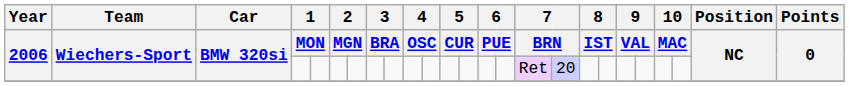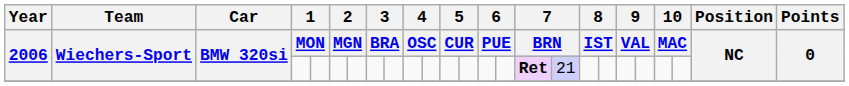 <table class="wikitable" style="text-align:center; font-size:85%">
 <tr>
 <th>Year</th>
 <th>Team</th>
 <th>Car</th>
 <th colspan=2>1</th>
 <th colspan=2>2</th>
 <th colspan=2>3</th>
 <th colspan=2>4</th>
 <th colspan=2>5</th>
 <th colspan=2>6</th>
 <th colspan=2>7</th>
 <th colspan=2>8</th>
 <th colspan=2>9</th>
 <th colspan=2>10</th>
 <th>Position</th>
 <th>Points</th>
 </tr>
 <tr>
 <th rowspan=2><a href='#'>2006</a></th>
 <th rowspan=2><a href='#'>Wiechers-Sport</a></th>
 <th rowspan=2><a href='#'>BMW 320si</a></th>
 <th colspan=2><a href='#'>MON</a> </th>
 <th colspan=2><a href='#'>MGN</a> </th>
 <th colspan=2><a href='#'>BRA</a> </th>
 <th colspan=2><a href='#'>OSC</a> </th>
 <th colspan=2><a href='#'>CUR</a> </th>
 <th colspan=2><a href='#'>PUE</a> </th>
 <th colspan=2><a href='#'>BRN</a> </th>
 <th colspan=2><a href='#'>IST</a> </th>
 <th colspan=2><a href='#'>VAL</a> </th>
 <th colspan=2><a href='#'>MAC</a> </th>
 <th rowspan=2>NC</th>
 <th rowspan=2>0</th>
 </tr>
 <tr>
 <td></td>
 <td></td>
 <td></td>
 <td></td>
 <td></td>
 <td></td>
 <td></td>
 <td></td>
 <td></td>
 <td></td>
 <td></td>
 <td></td>
-<td style="background:#efcfff;">Ret</td>
-<td style="background:#cfcfff;">20</td>
+<td style="background:#efcfff;"><strong>Ret</strong></td>
+<td style="background:#cfcfff;">21</td>
 <td></td>
 <td></td>
 <td></td>
 <td></td>
 <td></td>
 <td></td>
 </tr>
 <tr>
 </tr>
 </table>
